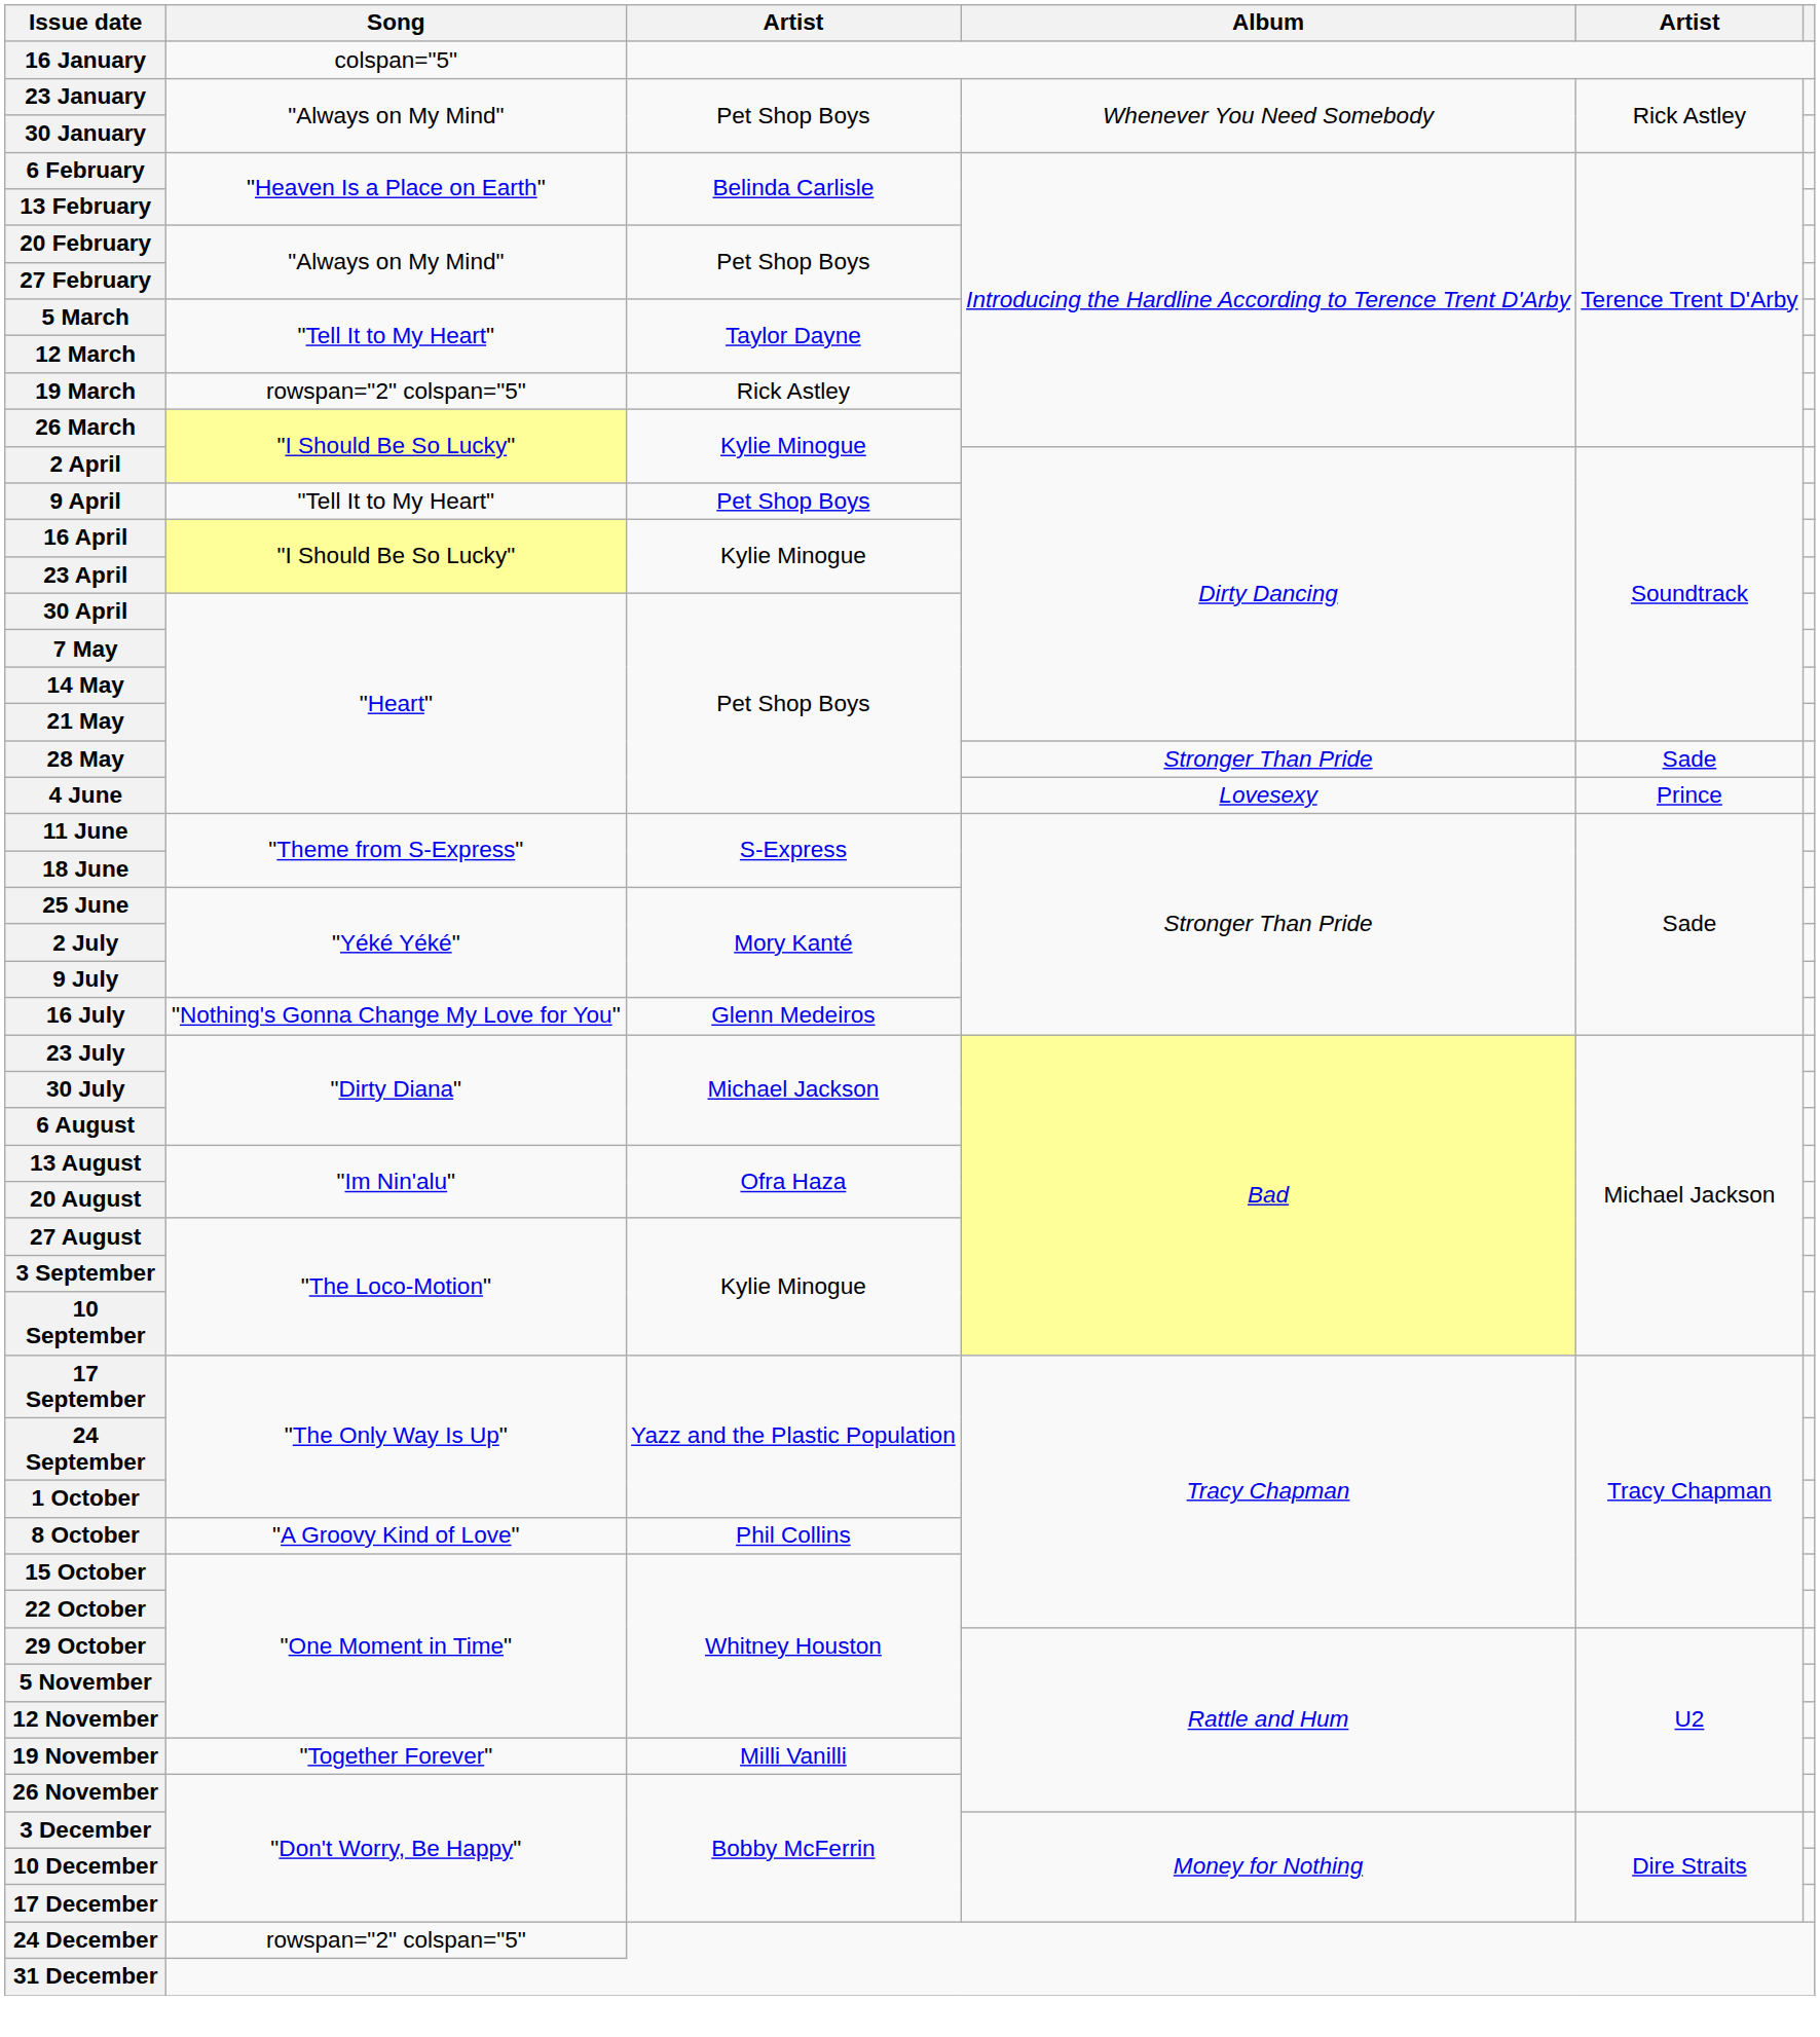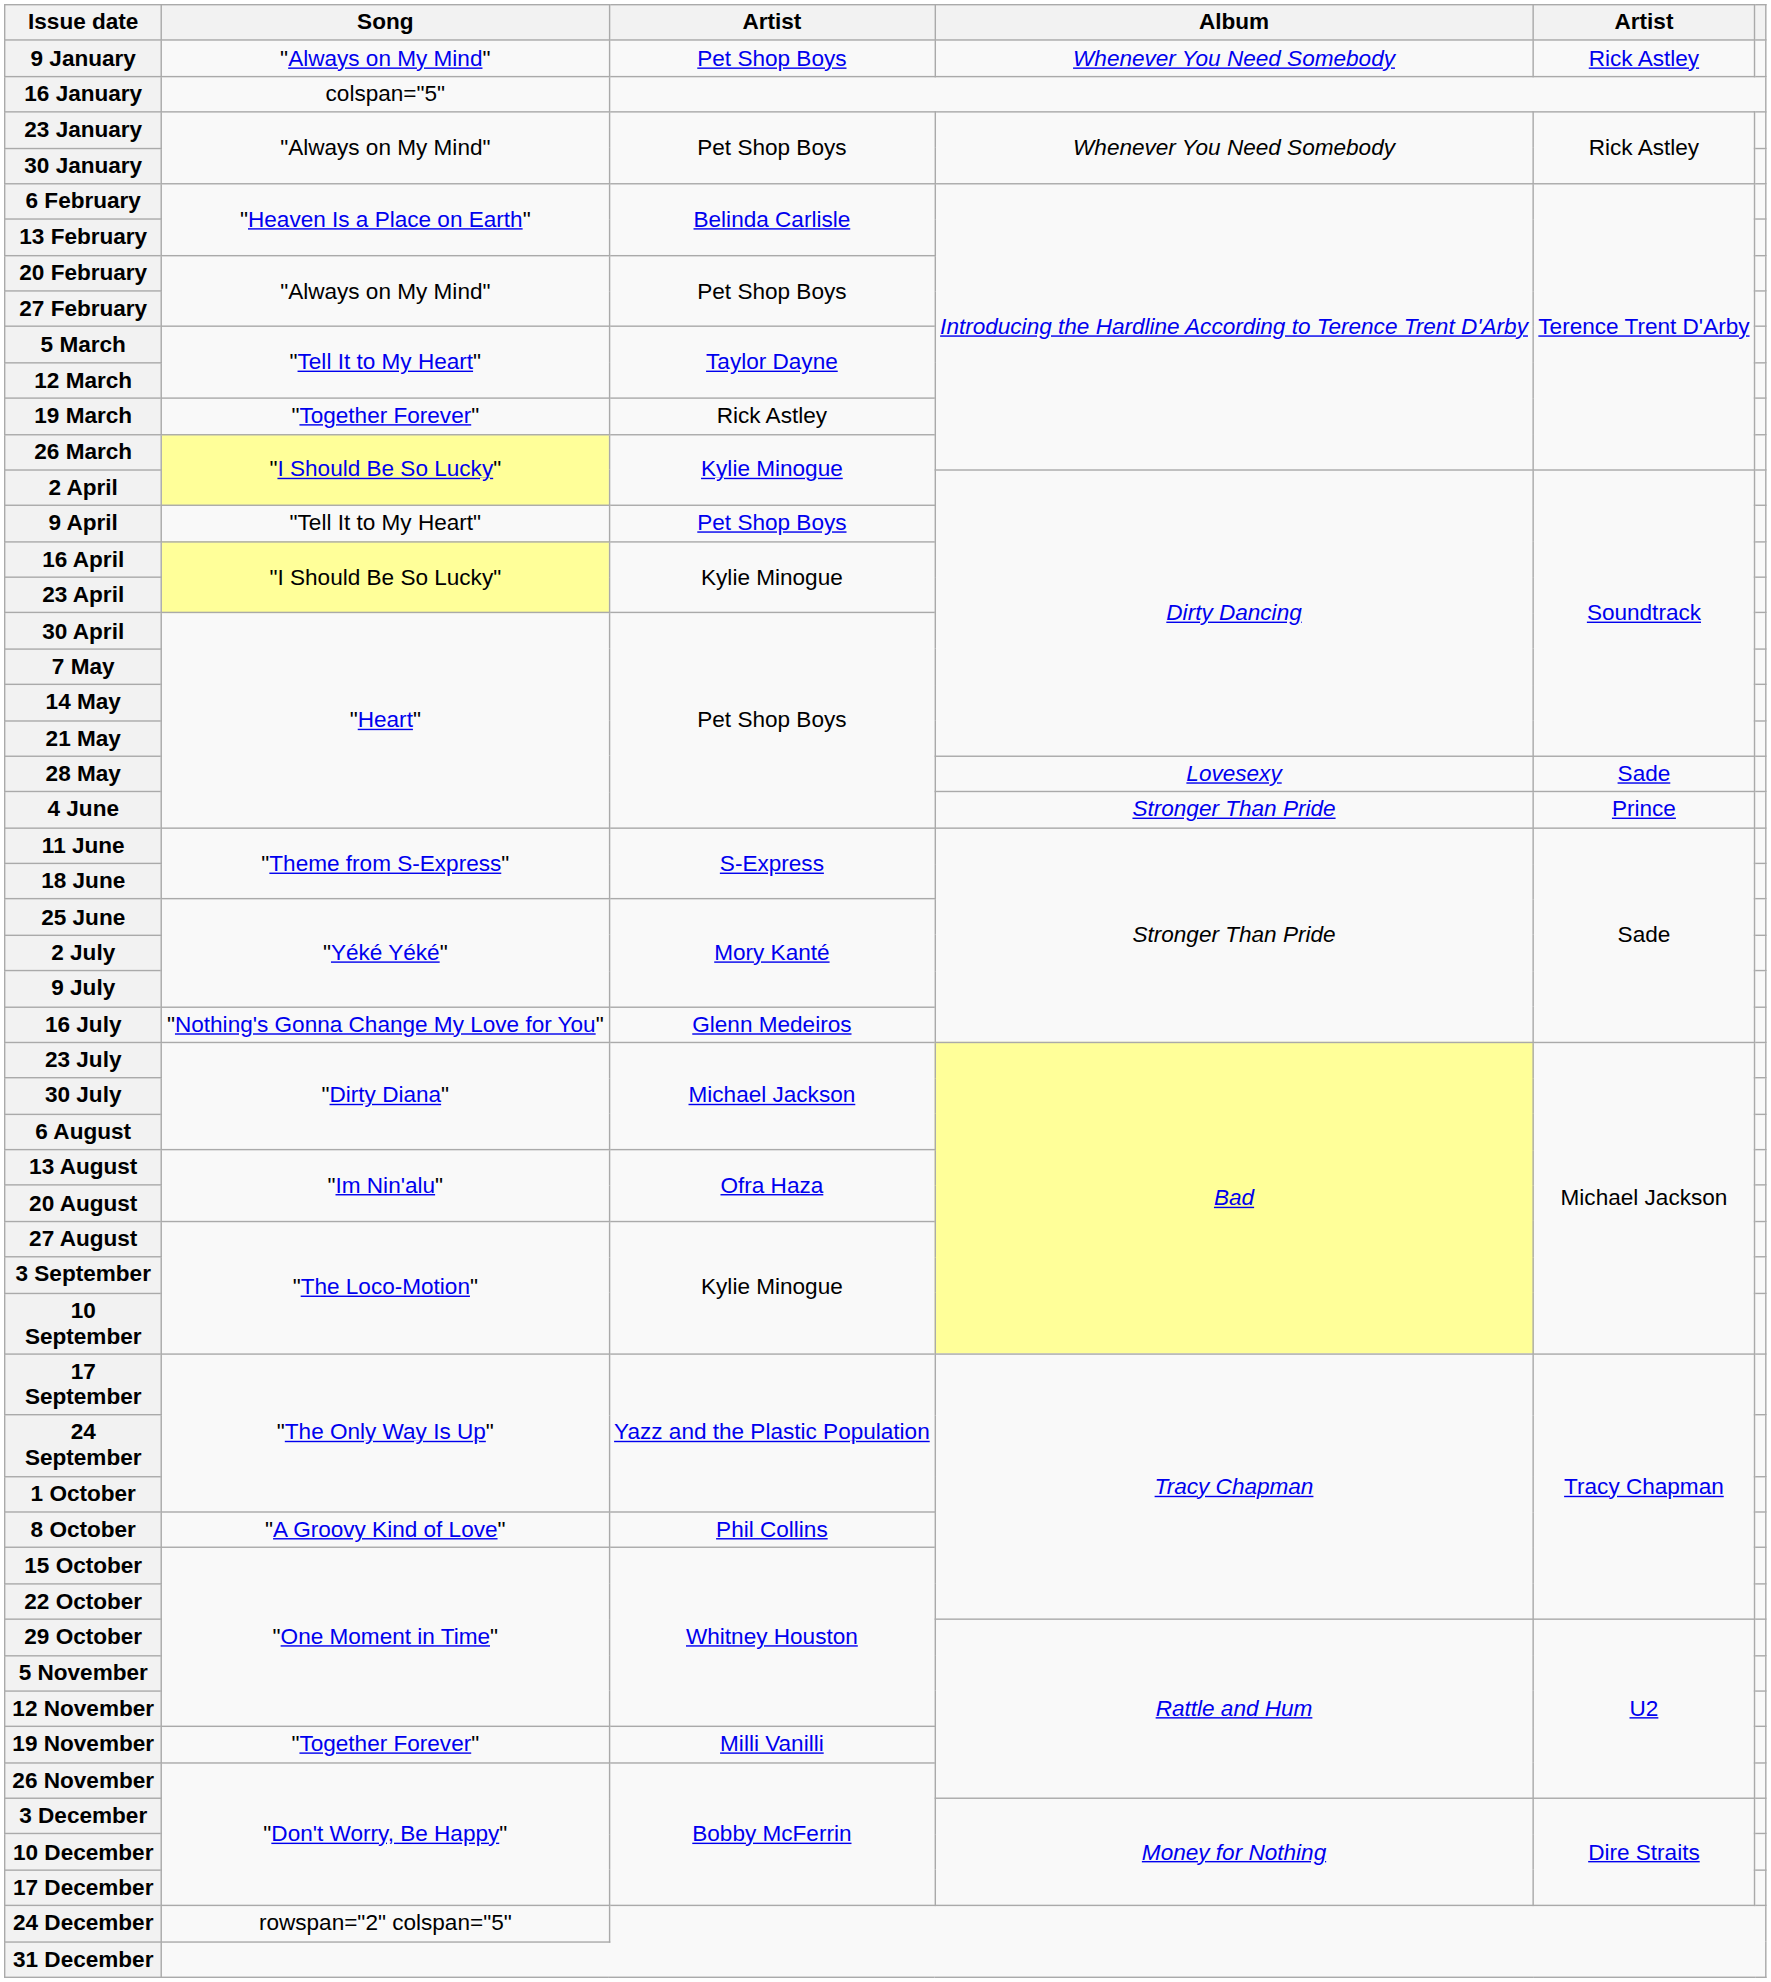 <table class="wikitable plainrowheaders" style="text-align:center">
 <tr>
 <th scope="col" style="width:6.5em;">Issue date</th>
 <th scope="col">Song</th>
 <th scope="col">Artist</th>
 <th scope="col">Album</th>
 <th scope="col">Artist</th>
 <th scope="col"></th>
+</tr>
+<tr>
+<th scope="row">9 January</th>
+<td>"<a href='#'>Always on My Mind</a>"</td>
+<td><a href='#'>Pet Shop Boys</a></td>
+<td><em><a href='#'>Whenever You Need Somebody</a></em></td>
+<td><a href='#'>Rick Astley</a></td>
+<td></td>
 </tr>
 <tr>
 <th scope="row">16 January</th>
 <td>colspan="5" </td>
 </tr>
 <tr>
 <th scope="row">23 January</th>
 <td rowspan="2">"Always on My Mind"</td>
 <td rowspan="2">Pet Shop Boys</td>
 <td rowspan="2"><em>Whenever You Need Somebody</em></td>
 <td rowspan="2">Rick Astley</td>
 <td></td>
 </tr>
 <tr>
 <th scope="row">30 January</th>
 <td></td>
 </tr>
 <tr>
 <th scope="row">6 February</th>
 <td rowspan="2">"<a href='#'>Heaven Is a Place on Earth</a>"</td>
 <td rowspan="2"><a href='#'>Belinda Carlisle</a></td>
 <td rowspan="8"><em><a href='#'>Introducing the Hardline According to Terence Trent D'Arby</a></em></td>
 <td rowspan="8"><a href='#'>Terence Trent D'Arby</a></td>
 <td></td>
 </tr>
 <tr>
 <th scope="row">13 February</th>
 <td></td>
 </tr>
 <tr>
 <th scope="row">20 February</th>
 <td rowspan="2">"Always on My Mind"</td>
 <td rowspan="2">Pet Shop Boys</td>
 <td></td>
 </tr>
 <tr>
 <th scope="row">27 February</th>
 <td></td>
 </tr>
 <tr>
 <th scope="row">5 March</th>
 <td rowspan="2">"<a href='#'>Tell It to My Heart</a>"</td>
 <td rowspan="2"><a href='#'>Taylor Dayne</a></td>
 <td></td>
 </tr>
 <tr>
 <th scope="row">12 March</th>
 <td></td>
 </tr>
 <tr>
 <th scope="row">19 March</th>
-<td>rowspan="2" colspan="5" </td>
+<td>"<a href='#'>Together Forever</a>"</td>
 <td>Rick Astley</td>
 <td></td>
 </tr>
 <tr>
 <th scope="row">26 March</th>
 <td bgcolor=#FFFF99 rowspan="2">"<a href='#'>I Should Be So Lucky</a>" </td>
 <td rowspan="2"><a href='#'>Kylie Minogue</a></td>
 <td></td>
 </tr>
 <tr>
 <th scope="row">2 April</th>
 <td rowspan="8"><em><a href='#'>Dirty Dancing</a></em></td>
 <td rowspan="8"><a href='#'>Soundtrack</a></td>
 <td></td>
 </tr>
 <tr>
 <th scope="row">9 April</th>
 <td>"Tell It to My Heart"</td>
 <td><a href='#'>Pet Shop Boys</a></td>
 <td></td>
 </tr>
 <tr>
 <th scope="row">16 April</th>
 <td bgcolor=#FFFF99 rowspan="2">"I Should Be So Lucky" </td>
 <td rowspan="2">Kylie Minogue</td>
 <td></td>
 </tr>
 <tr>
 <th scope="row">23 April</th>
 <td></td>
 </tr>
 <tr>
 <th scope="row">30 April</th>
 <td rowspan="6">"<a href='#'>Heart</a>"</td>
 <td rowspan="6">Pet Shop Boys</td>
 <td></td>
 </tr>
 <tr>
 <th scope="row">7 May</th>
 <td></td>
 </tr>
 <tr>
 <th scope="row">14 May</th>
 <td></td>
 </tr>
 <tr>
 <th scope="row">21 May</th>
 <td></td>
 </tr>
 <tr>
 <th scope="row">28 May</th>
-<td><em><a href='#'>Stronger Than Pride</a></em></td>
+<td><em><a href='#'>Lovesexy</a></em></td>
 <td><a href='#'>Sade</a></td>
 <td></td>
 </tr>
 <tr>
 <th scope="row">4 June</th>
-<td><em><a href='#'>Lovesexy</a></em></td>
+<td><em><a href='#'>Stronger Than Pride</a></em></td>
 <td><a href='#'>Prince</a></td>
 <td></td>
 </tr>
 <tr>
 <th scope="row">11 June</th>
 <td rowspan="2">"<a href='#'>Theme from S-Express</a>"</td>
 <td rowspan="2"><a href='#'>S-Express</a></td>
 <td rowspan="6"><em>Stronger Than Pride</em></td>
 <td rowspan="6">Sade</td>
 <td></td>
 </tr>
 <tr>
 <th scope="row">18 June</th>
 <td></td>
 </tr>
 <tr>
 <th scope="row">25 June</th>
 <td rowspan="3">"<a href='#'>Yéké Yéké</a>"</td>
 <td rowspan="3"><a href='#'>Mory Kanté</a></td>
 <td></td>
 </tr>
 <tr>
 <th scope="row">2 July</th>
 <td></td>
 </tr>
 <tr>
 <th scope="row">9 July</th>
 <td></td>
 </tr>
 <tr>
 <th scope="row">16 July</th>
 <td>"<a href='#'>Nothing's Gonna Change My Love for You</a>"</td>
 <td><a href='#'>Glenn Medeiros</a></td>
 <td></td>
 </tr>
 <tr>
 <th scope="row">23 July</th>
 <td rowspan="3">"<a href='#'>Dirty Diana</a>"</td>
 <td rowspan="3"><a href='#'>Michael Jackson</a></td>
 <td bgcolor=#FFFF99 rowspan="8"><em><a href='#'>Bad</a></em> </td>
 <td rowspan="8">Michael Jackson</td>
 <td></td>
 </tr>
 <tr>
 <th scope="row">30 July</th>
 <td></td>
 </tr>
 <tr>
 <th scope="row">6 August</th>
 <td></td>
 </tr>
 <tr>
 <th scope="row">13 August</th>
 <td rowspan="2">"<a href='#'>Im Nin'alu</a>"</td>
 <td rowspan="2"><a href='#'>Ofra Haza</a></td>
 <td></td>
 </tr>
 <tr>
 <th scope="row">20 August</th>
 <td></td>
 </tr>
 <tr>
 <th scope="row">27 August</th>
 <td rowspan="3">"<a href='#'>The Loco-Motion</a>"</td>
 <td rowspan="3">Kylie Minogue</td>
 <td></td>
 </tr>
 <tr>
 <th scope="row">3 September</th>
 <td></td>
 </tr>
 <tr>
 <th scope="row">10 September</th>
 <td></td>
 </tr>
 <tr>
 <th scope="row">17 September</th>
 <td rowspan="3">"<a href='#'>The Only Way Is Up</a>"</td>
 <td rowspan="3"><a href='#'>Yazz and the Plastic Population</a></td>
 <td rowspan="6"><em><a href='#'>Tracy Chapman</a></em></td>
 <td rowspan="6"><a href='#'>Tracy Chapman</a></td>
 <td></td>
 </tr>
 <tr>
 <th scope="row">24 September</th>
 <td></td>
 </tr>
 <tr>
 <th scope="row">1 October</th>
 <td></td>
 </tr>
 <tr>
 <th scope="row">8 October</th>
 <td>"<a href='#'>A Groovy Kind of Love</a>"</td>
 <td><a href='#'>Phil Collins</a></td>
 <td></td>
 </tr>
 <tr>
 <th scope="row">15 October</th>
 <td rowspan="5">"<a href='#'>One Moment in Time</a>"</td>
 <td rowspan="5"><a href='#'>Whitney Houston</a></td>
 <td></td>
 </tr>
 <tr>
 <th scope="row">22 October</th>
 <td></td>
 </tr>
 <tr>
 <th scope="row">29 October</th>
 <td rowspan="5"><em><a href='#'>Rattle and Hum</a></em></td>
 <td rowspan="5"><a href='#'>U2</a></td>
 <td></td>
 </tr>
 <tr>
 <th scope="row">5 November</th>
 <td></td>
 </tr>
 <tr>
 <th scope="row">12 November</th>
 <td></td>
 </tr>
 <tr>
 <th scope="row">19 November</th>
 <td>"<a href='#'>Together Forever</a>"</td>
 <td><a href='#'>Milli Vanilli</a></td>
 <td></td>
 </tr>
 <tr>
 <th scope="row">26 November</th>
 <td rowspan="4">"<a href='#'>Don't Worry, Be Happy</a>"</td>
 <td rowspan="4"><a href='#'>Bobby McFerrin</a></td>
 <td></td>
 </tr>
 <tr>
 <th scope="row">3 December</th>
 <td rowspan="3"><em><a href='#'>Money for Nothing</a></em></td>
 <td rowspan="3"><a href='#'>Dire Straits</a></td>
 <td></td>
 </tr>
 <tr>
 <th scope="row">10 December</th>
 <td></td>
 </tr>
 <tr>
 <th scope="row">17 December</th>
 <td></td>
 </tr>
 <tr>
 <th scope="row">24 December</th>
 <td>rowspan="2" colspan="5" </td>
 </tr>
 <tr>
 <th scope="row">31 December</th>
 </tr>
 </table>
